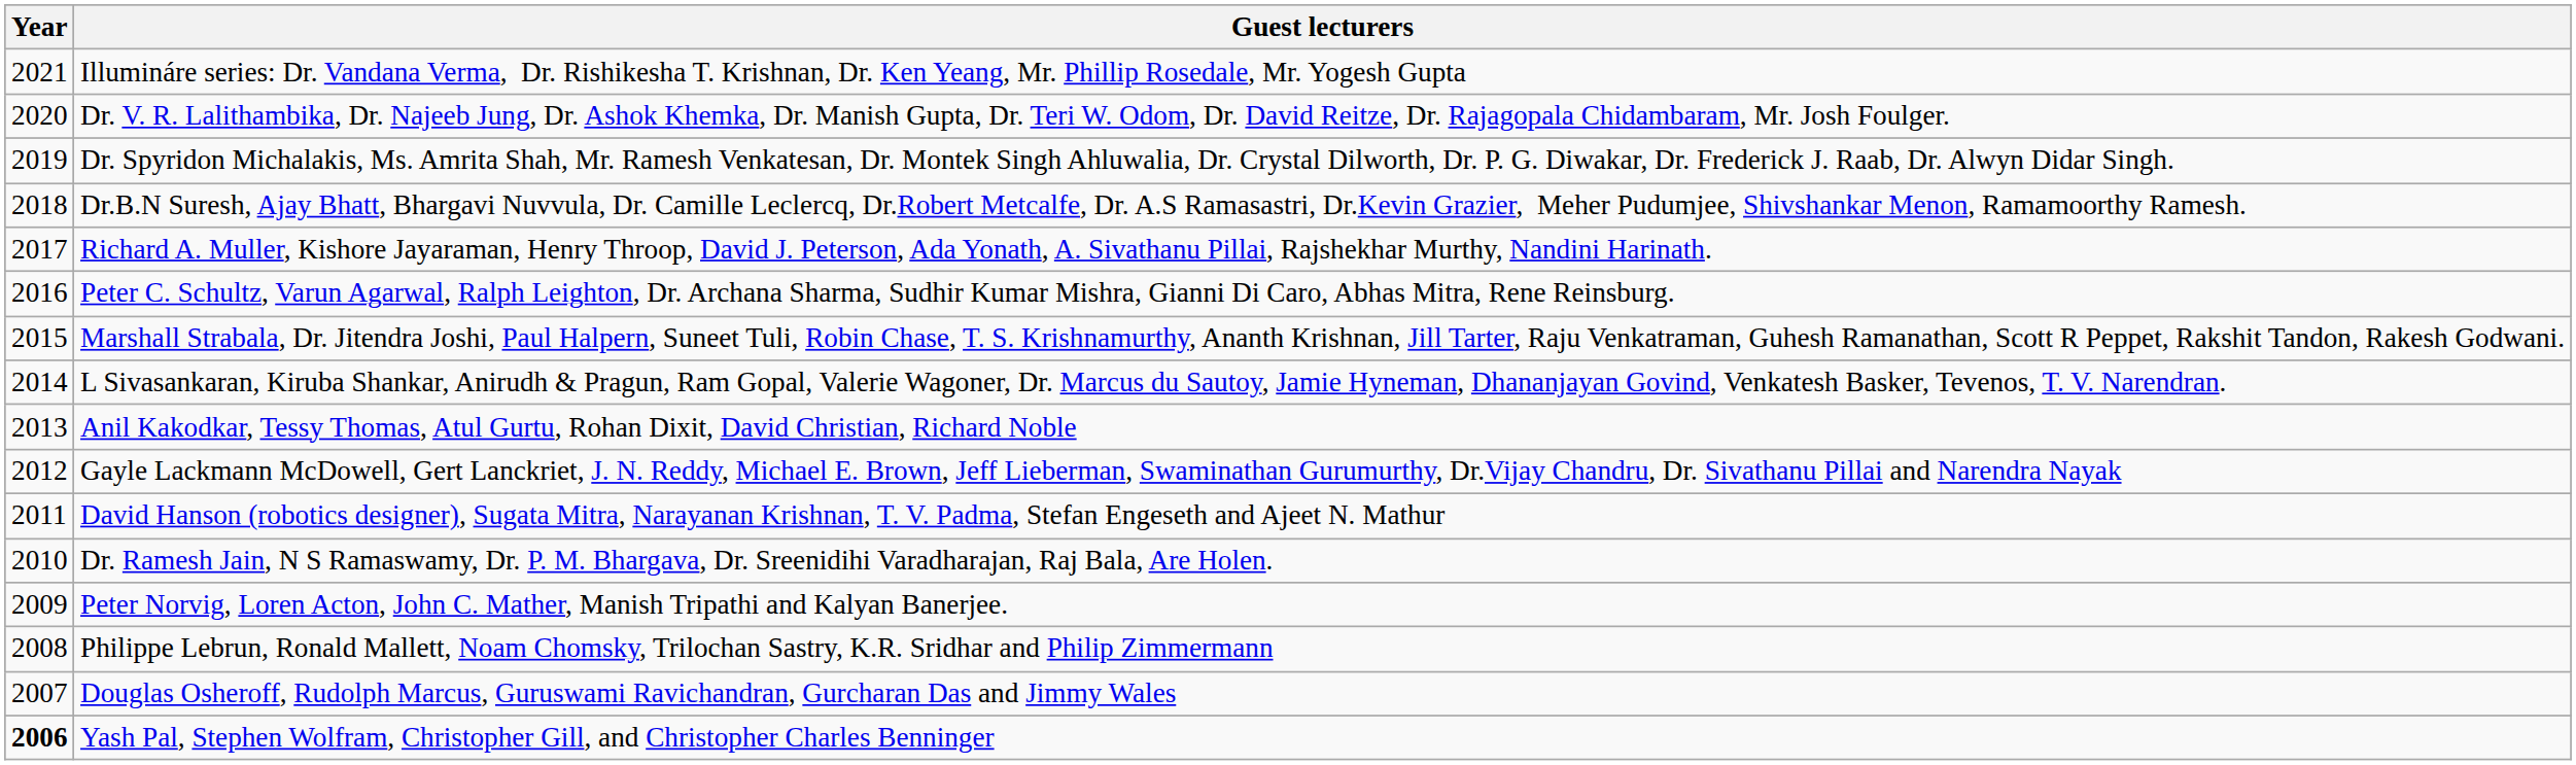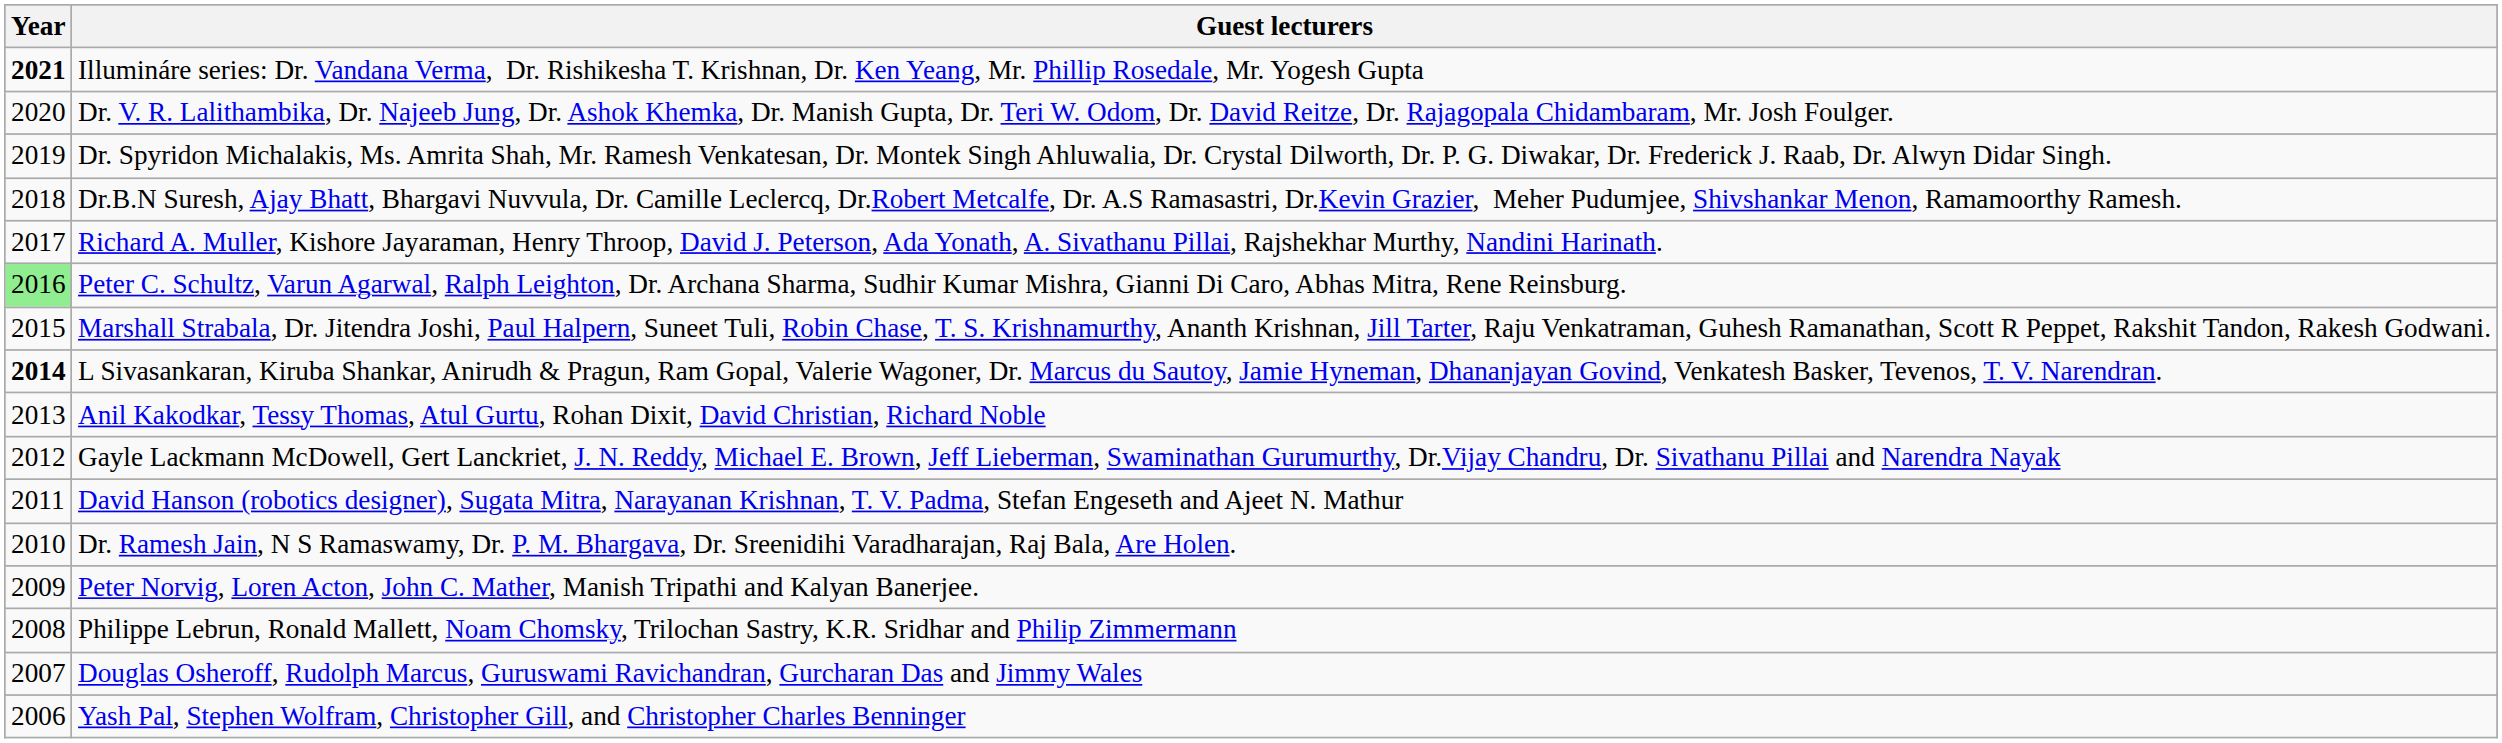 <table class="wikitable">
 <tr>
 <th>Year</th>
 <th>Guest lecturers</th>
 </tr>
 <tr>
-<td>2021</td>
+<td><strong>2021</strong></td>
 <td>Illumináre series: Dr. <a href='#'>Vandana Verma</a>,  Dr. Rishikesha T. Krishnan, Dr. <a href='#'>Ken Yeang</a>, Mr. <a href='#'>Phillip Rosedale</a>, Mr. Yogesh Gupta</td>
 </tr>
 <tr>
 <td>2020</td>
 <td>Dr. <a href='#'>V. R. Lalithambika</a>, Dr. <a href='#'>Najeeb Jung</a>, Dr. <a href='#'>Ashok Khemka</a>, Dr. Manish Gupta, Dr. <a href='#'>Teri W. Odom</a>, Dr. <a href='#'>David Reitze</a>, Dr. <a href='#'>Rajagopala Chidambaram</a>, Mr. Josh Foulger.</td>
 </tr>
 <tr>
 <td>2019</td>
 <td>Dr. Spyridon Michalakis, Ms. Amrita Shah, Mr. Ramesh Venkatesan, Dr. Montek Singh Ahluwalia, Dr. Crystal Dilworth, Dr. P. G. Diwakar, Dr. Frederick J. Raab, Dr. Alwyn Didar Singh.</td>
 </tr>
 <tr>
 <td>2018</td>
 <td>Dr.B.N Suresh, <a href='#'>Ajay Bhatt</a>, Bhargavi Nuvvula, Dr. Camille Leclercq, Dr.<a href='#'>Robert Metcalfe</a>, Dr. A.S Ramasastri, Dr.<a href='#'>Kevin Grazier</a>,  Meher Pudumjee, <a href='#'>Shivshankar Menon</a>, Ramamoorthy Ramesh.</td>
 </tr>
 <tr>
 <td>2017</td>
 <td><a href='#'>Richard A. Muller</a>, Kishore Jayaraman, Henry Throop, <a href='#'>David J. Peterson</a>, <a href='#'>Ada Yonath</a>, <a href='#'>A. Sivathanu Pillai</a>, Rajshekhar Murthy, <a href='#'>Nandini Harinath</a>.</td>
 </tr>
 <tr>
-<td>2016</td>
+<td style="background: lightgreen;">2016</td>
 <td><a href='#'>Peter C. Schultz</a>, <a href='#'>Varun Agarwal</a>, <a href='#'>Ralph Leighton</a>, Dr. Archana Sharma, Sudhir Kumar Mishra, Gianni Di Caro, Abhas Mitra, Rene Reinsburg.</td>
 </tr>
 <tr>
 <td>2015</td>
 <td><a href='#'>Marshall Strabala</a>, Dr. Jitendra Joshi, <a href='#'>Paul Halpern</a>, Suneet Tuli, <a href='#'>Robin Chase</a>,  <a href='#'>T. S. Krishnamurthy</a>, Ananth Krishnan, <a href='#'>Jill Tarter</a>, Raju Venkatraman, Guhesh Ramanathan, Scott R Peppet, Rakshit Tandon, Rakesh Godwani.</td>
 </tr>
 <tr>
-<td>2014</td>
+<td><strong>2014</strong></td>
 <td>L Sivasankaran, Kiruba Shankar, Anirudh & Pragun, Ram Gopal, Valerie Wagoner, Dr. <a href='#'>Marcus du Sautoy</a>, <a href='#'>Jamie Hyneman</a>, <a href='#'>Dhananjayan Govind</a>, Venkatesh Basker, Tevenos, <a href='#'>T. V. Narendran</a>.</td>
 </tr>
 <tr>
 <td>2013</td>
 <td><a href='#'>Anil Kakodkar</a>, <a href='#'>Tessy Thomas</a>, <a href='#'>Atul Gurtu</a>, Rohan Dixit, <a href='#'>David Christian</a>, <a href='#'>Richard Noble</a></td>
 </tr>
 <tr>
 <td>2012</td>
 <td>Gayle Lackmann McDowell, Gert Lanckriet, <a href='#'>J. N. Reddy</a>, <a href='#'>Michael E. Brown</a>, <a href='#'>Jeff Lieberman</a>, <a href='#'>Swaminathan Gurumurthy</a>, Dr.<a href='#'>Vijay Chandru</a>, Dr. <a href='#'>Sivathanu Pillai</a> and <a href='#'>Narendra Nayak</a></td>
 </tr>
 <tr>
 <td>2011</td>
 <td><a href='#'>David Hanson (robotics designer)</a>, <a href='#'>Sugata Mitra</a>, <a href='#'>Narayanan Krishnan</a>, <a href='#'>T. V. Padma</a>, Stefan Engeseth and  Ajeet N. Mathur</td>
 </tr>
 <tr>
 <td>2010</td>
 <td>Dr. <a href='#'>Ramesh Jain</a>, N S Ramaswamy, Dr. <a href='#'>P. M. Bhargava</a>, Dr. Sreenidihi Varadharajan, Raj Bala, <a href='#'>Are Holen</a>.</td>
 </tr>
 <tr>
 <td>2009</td>
 <td><a href='#'>Peter Norvig</a>, <a href='#'>Loren Acton</a>, <a href='#'>John C. Mather</a>, Manish Tripathi and Kalyan Banerjee.</td>
 </tr>
 <tr>
 <td>2008</td>
 <td>Philippe Lebrun, Ronald Mallett, <a href='#'>Noam Chomsky</a>, Trilochan Sastry, K.R. Sridhar and <a href='#'>Philip Zimmermann</a></td>
 </tr>
 <tr>
 <td>2007</td>
 <td><a href='#'>Douglas Osheroff</a>, <a href='#'>Rudolph Marcus</a>, <a href='#'>Guruswami Ravichandran</a>, <a href='#'>Gurcharan Das</a> and <a href='#'>Jimmy Wales</a></td>
 </tr>
 <tr>
-<td><strong>2006</strong></td>
+<td>2006</td>
 <td><a href='#'>Yash Pal</a>, <a href='#'>Stephen Wolfram</a>, <a href='#'>Christopher Gill</a>, and <a href='#'>Christopher Charles Benninger</a></td>
 </tr>
 </table>
